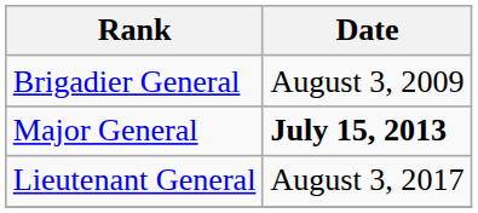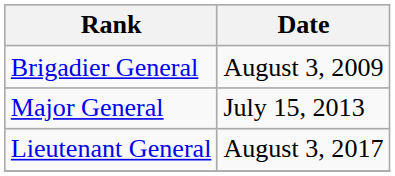 <table class="wikitable">
 <tr>
 <th>Rank</th>
 <th>Date</th>
 </tr>
 <tr>
 <td> <a href='#'>Brigadier General</a></td>
 <td>August 3, 2009</td>
 </tr>
 <tr>
 <td> <a href='#'>Major General</a></td>
-<td><strong>July 15, 2013</strong></td>
+<td>July 15, 2013</td>
 </tr>
 <tr>
 <td> <a href='#'>Lieutenant General</a></td>
 <td>August 3, 2017</td>
 </tr>
 <tr>
 </tr>
 </table>
